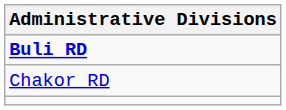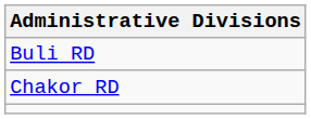 <table class="wikitable">
 <tr>
 <th>Administrative Divisions</th>
 </tr>
 <tr>
-<td><strong><a href='#'>Buli RD</a></strong></td>
+<td><a href='#'>Buli RD</a></td>
 </tr>
 <tr>
 <td><a href='#'>Chakor RD</a></td>
 </tr>
 <tr>
 <td colspan=1></td>
 </tr>
 </table>
